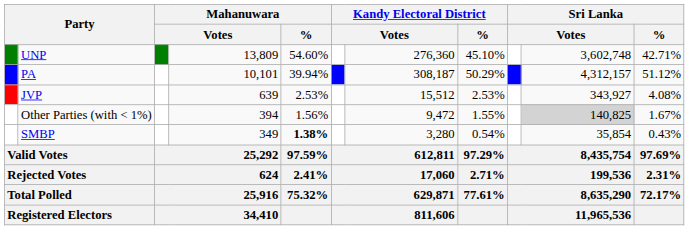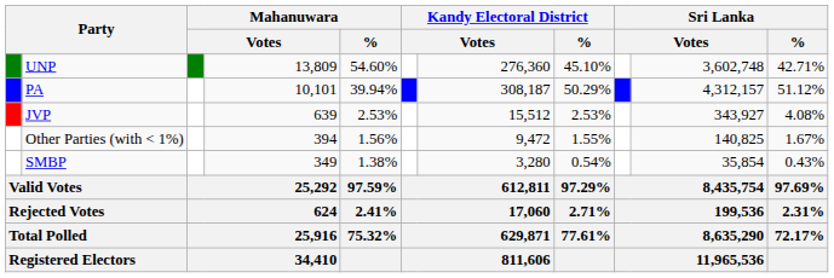 <table class="wikitable">
 <tr>
 <th colspan="2" width="144px"rowspan="2">Party</th>
 <th colspan="3" width="216px">Mahanuwara</th>
 <th colspan="3" width="216px"><a href='#'>Kandy Electoral District</a></th>
 <th colspan="3" width="216px">Sri Lanka</th>
 </tr>
 <tr>
 <th colspan="2" width="144px">Votes</th>
 <th>%</th>
 <th colspan="2" width="144px">Votes</th>
 <th>%</th>
 <th colspan="2" width="144px">Votes</th>
 <th>%</th>
 </tr>
 <tr>
 <td style="background-color:green;" width="10px"></td>
 <td style="text-align:left;"><a href='#'>UNP</a></td>
 <td style="background-color:green;" width="10px"></td>
 <td style="text-align:right;">13,809</td>
 <td style="text-align:right;">54.60%</td>
 <td style="background-color:white;" width="10px"></td>
 <td style="text-align:right;">276,360</td>
 <td style="text-align:right;">45.10%</td>
 <td style="background-color:white;" width="10px"></td>
 <td style="text-align:right;">3,602,748</td>
 <td style="text-align:right;">42.71%</td>
 </tr>
 <tr>
 <td style="background-color:blue;" width="10px"></td>
 <td style="text-align:left;"><a href='#'>PA</a></td>
 <td style="background-color:white;" width="10px"></td>
 <td style="text-align:right;">10,101</td>
 <td style="text-align:right;">39.94%</td>
 <td style="background-color:blue;" width="10px"></td>
 <td style="text-align:right;">308,187</td>
 <td style="text-align:right;">50.29%</td>
 <td style="background-color:blue;" width="10px"></td>
 <td style="text-align:right;">4,312,157</td>
 <td style="text-align:right;">51.12%</td>
 </tr>
 <tr>
 <td style="background-color:red;" width="10px"></td>
 <td style="text-align:left;"><a href='#'>JVP</a></td>
 <td style="background-color:white;" width="10px"></td>
 <td style="text-align:right;">639</td>
 <td style="text-align:right;">2.53%</td>
 <td style="background-color:white;" width="10px"></td>
 <td style="text-align:right;">15,512</td>
 <td style="text-align:right;">2.53%</td>
 <td style="background-color:white;" width="10px"></td>
 <td style="text-align:right;">343,927</td>
 <td style="text-align:right;">4.08%</td>
 </tr>
 <tr>
 <td style="background-color:white;" width="10px"></td>
 <td style="text-align:left;">Other Parties (with < 1%)</td>
 <td style="background-color:white;" width="10px"></td>
 <td style="text-align:right;">394</td>
 <td style="text-align:right;">1.56%</td>
 <td style="background-color:white;" width="10px"></td>
 <td style="text-align:right;">9,472</td>
 <td style="text-align:right;">1.55%</td>
 <td style="background-color:white;" width="10px"></td>
-<td style="background: lightgrey; text-align:right;">140,825</td>
+<td style="text-align:right;">140,825</td>
 <td style="text-align:right;">1.67%</td>
 </tr>
 <tr>
 <td style="background-color:white;" width="10px"></td>
 <td style="text-align:left;"><a href='#'>SMBP</a></td>
 <td style="background-color:white;" width="10px"></td>
 <td style="text-align:right;">349</td>
-<td style="text-align:right;"><strong>1.38%</strong></td>
+<td style="text-align:right;">1.38%</td>
 <td style="background-color:white;" width="10px"></td>
 <td style="text-align:right;">3,280</td>
 <td style="text-align:right;">0.54%</td>
 <td style="background-color:white;" width="10px"></td>
 <td style="text-align:right;">35,854</td>
 <td style="text-align:right;">0.43%</td>
 </tr>
 <tr>
 <th colspan="2" width="144px"style="text-align:left;">Valid Votes</th>
 <th style="text-align:right;"colspan="2" width="144px">25,292</th>
 <th style="text-align:right;">97.59%</th>
 <th style="text-align:right;"colspan="2" width="144px">612,811</th>
 <th style="text-align:right;">97.29%</th>
 <th style="text-align:right;"colspan="2" width="144px">8,435,754</th>
 <th style="text-align:right;">97.69%</th>
 </tr>
 <tr>
 <th colspan="2" width="144px"style="text-align:left;">Rejected Votes</th>
 <th style="text-align:right;"colspan="2" width="144px">624</th>
 <th style="text-align:right;">2.41%</th>
 <th style="text-align:right;"colspan="2" width="144px">17,060</th>
 <th style="text-align:right;">2.71%</th>
 <th style="text-align:right;"colspan="2" width="144px">199,536</th>
 <th style="text-align:right;">2.31%</th>
 </tr>
 <tr>
 <th colspan="2" width="144px"style="text-align:left;">Total Polled</th>
 <th style="text-align:right;"colspan="2" width="144px">25,916</th>
 <th style="text-align:right;">75.32%</th>
 <th style="text-align:right;"colspan="2" width="144px">629,871</th>
 <th style="text-align:right;">77.61%</th>
 <th style="text-align:right;"colspan="2" width="144px">8,635,290</th>
 <th style="text-align:right;">72.17%</th>
 </tr>
 <tr>
 <th colspan="2" width="144px"style="text-align:left;">Registered Electors</th>
 <th style="text-align:right;"colspan="2" width="144px">34,410</th>
 <th></th>
 <th style="text-align:right;"colspan="2" width="144px">811,606</th>
 <th></th>
 <th style="text-align:right;"colspan="2" width="144px">11,965,536</th>
 <th></th>
 </tr>
 </table>
